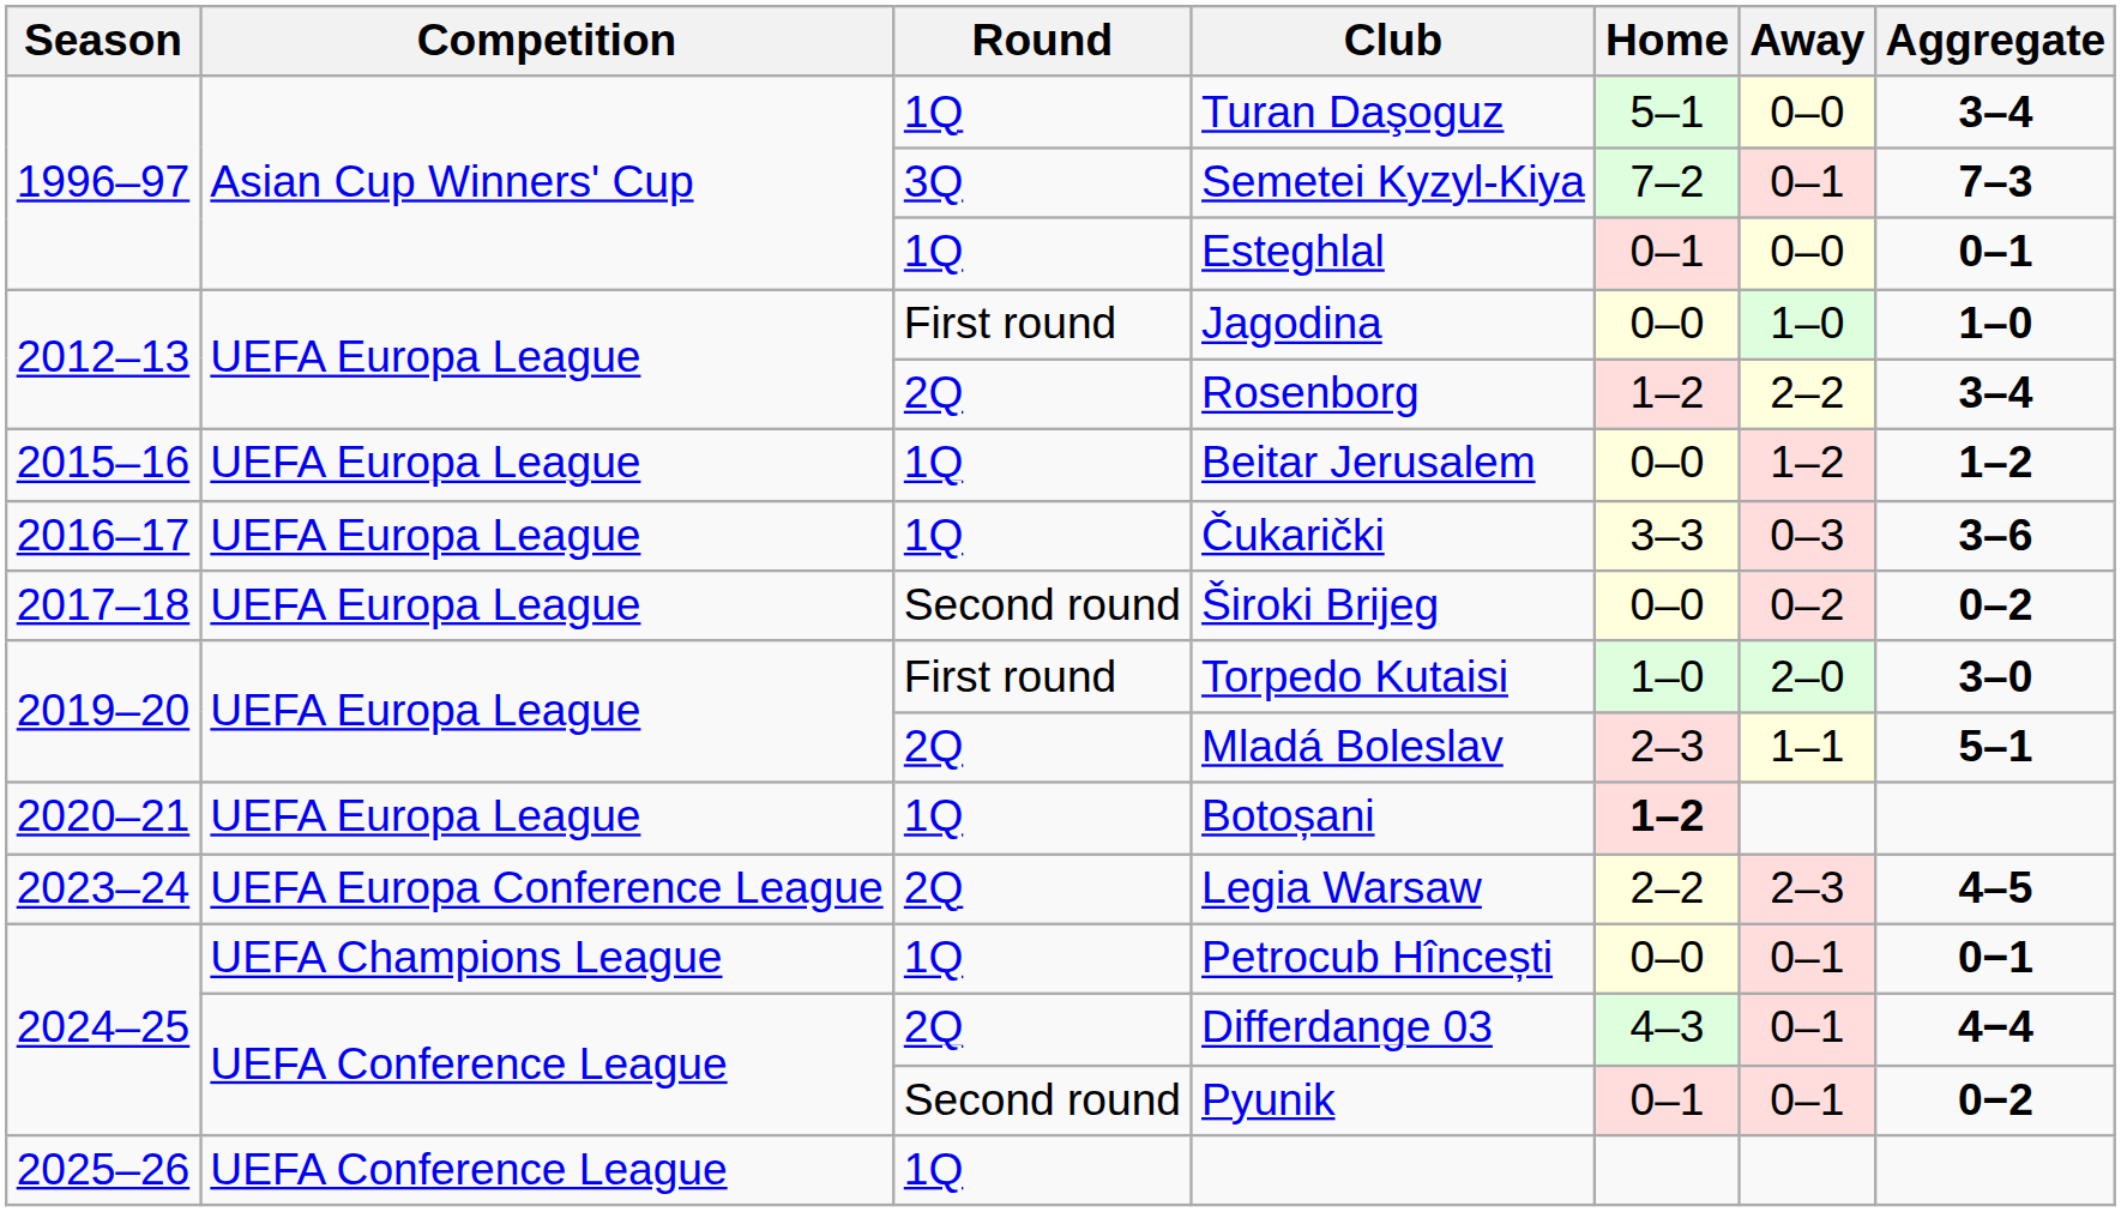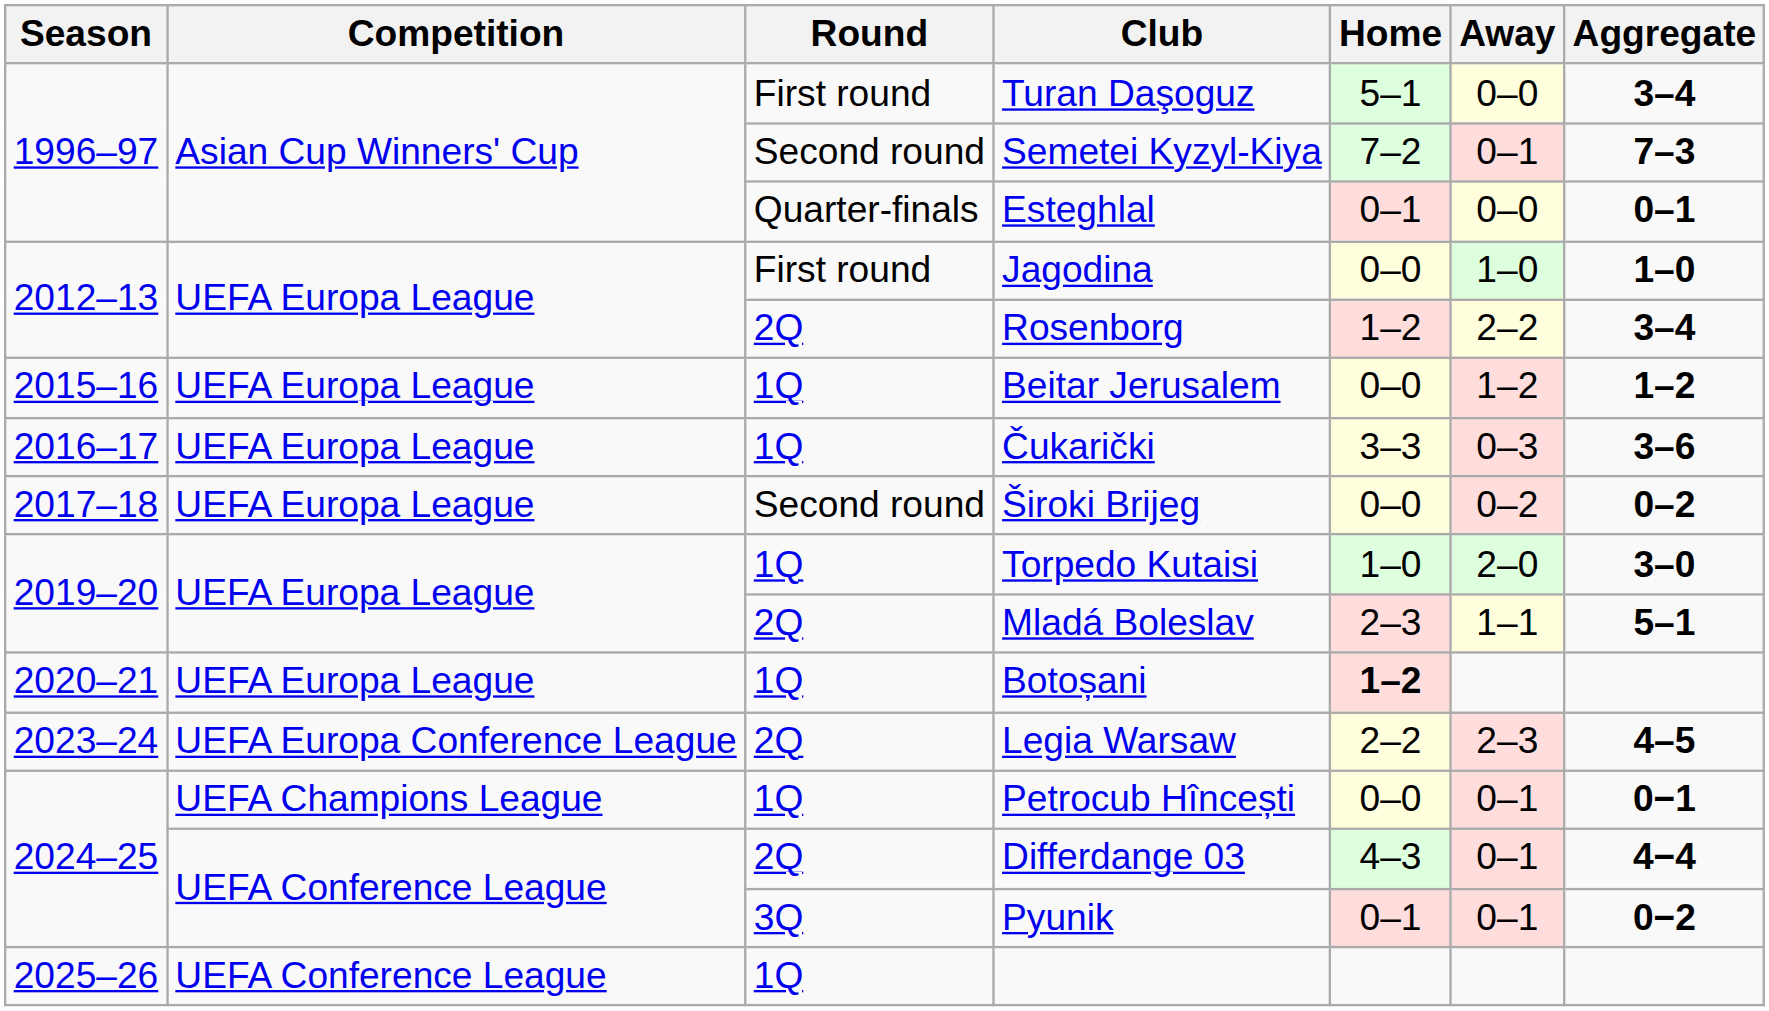 <table class="wikitable mw-collapsible mw-collapsed">
 <tr>
 <th>Season</th>
 <th>Competition</th>
 <th>Round</th>
 <th>Club</th>
 <th>Home</th>
 <th>Away</th>
 <th>Aggregate</th>
 </tr>
 <tr>
 <td rowspan="3"><a href='#'>1996–97</a></td>
 <td rowspan="3"><a href='#'>Asian Cup Winners' Cup</a></td>
-<td><a href='#'>1Q</a></td>
+<td>First round</td>
 <td>  <a href='#'>Turan Daşoguz</a></td>
 <td style="text-align:center; background:#dfd;">5–1</td>
 <td style="text-align:center; background:#ffd;">0–0</td>
 <td style="text-align:center;"><strong>3–4</strong></td>
 </tr>
 <tr>
-<td><a href='#'>3Q</a></td>
+<td>Second round</td>
 <td> <a href='#'>Semetei Kyzyl-Kiya</a></td>
 <td style="text-align:center; background:#dfd;">7–2</td>
 <td style="text-align:center; background:#fdd;">0–1</td>
 <td style="text-align:center;"><strong>7–3</strong></td>
 </tr>
 <tr>
-<td><a href='#'>1Q</a></td>
+<td>Quarter-finals</td>
 <td> <a href='#'>Esteghlal</a></td>
 <td style="text-align:center; background:#fdd;">0–1</td>
 <td style="text-align:center; background:#ffd;">0–0</td>
 <td style="text-align:center;"><strong>0–1</strong></td>
 </tr>
 <tr>
 <td rowspan="2"><a href='#'>2012–13</a></td>
 <td rowspan="2"><a href='#'>UEFA Europa League</a></td>
 <td>First round</td>
 <td>  <a href='#'>Jagodina</a></td>
 <td style="text-align:center; background:#ffd;">0–0</td>
 <td style="text-align:center; background:#dfd;">1–0</td>
 <td style="text-align:center;"><strong>1–0</strong></td>
 </tr>
 <tr>
 <td><a href='#'>2Q</a></td>
 <td> <a href='#'>Rosenborg</a></td>
 <td style="text-align:center; background:#fdd;">1–2</td>
 <td style="text-align:center; background:#ffd;">2–2</td>
 <td style="text-align:center;"><strong>3–4</strong></td>
 </tr>
 <tr>
 <td><a href='#'>2015–16</a></td>
 <td><a href='#'>UEFA Europa League</a></td>
 <td><a href='#'>1Q</a></td>
 <td> <a href='#'>Beitar Jerusalem</a></td>
 <td style="text-align:center; background:#ffd;">0–0</td>
 <td style="text-align:center; background:#fdd;">1–2</td>
 <td style="text-align:center;"><strong>1–2</strong></td>
 </tr>
 <tr>
 <td><a href='#'>2016–17</a></td>
 <td><a href='#'>UEFA Europa League</a></td>
 <td><a href='#'>1Q</a></td>
 <td> <a href='#'>Čukarički</a></td>
 <td style="text-align:center; background:#ffd;">3–3</td>
 <td style="text-align:center; background:#fdd;">0–3</td>
 <td style="text-align:center;"><strong>3–6</strong></td>
 </tr>
 <tr>
 <td><a href='#'>2017–18</a></td>
 <td><a href='#'>UEFA Europa League</a></td>
 <td>Second round</td>
 <td> <a href='#'>Široki Brijeg</a></td>
 <td style="text-align:center; background:#ffd;">0–0</td>
 <td style="text-align:center; background:#fdd;">0–2</td>
 <td style="text-align:center;"><strong>0–2</strong></td>
 </tr>
 <tr>
 <td rowspan="2"><a href='#'>2019–20</a></td>
 <td rowspan="2"><a href='#'>UEFA Europa League</a></td>
-<td>First round</td>
+<td><a href='#'>1Q</a></td>
 <td> <a href='#'>Torpedo Kutaisi</a></td>
 <td style="text-align:center; background:#dfd;">1–0</td>
 <td style="text-align:center; background:#dfd;">2–0</td>
 <td style="text-align:center;"><strong>3–0</strong></td>
 </tr>
 <tr>
 <td><a href='#'>2Q</a></td>
 <td> <a href='#'>Mladá Boleslav</a></td>
 <td style="text-align:center; background:#fdd;">2–3</td>
 <td style="text-align:center; background:#ffd;">1–1</td>
 <td style="text-align:center;"><strong>5–1</strong></td>
 </tr>
 <tr>
 <td><a href='#'>2020–21</a></td>
 <td><a href='#'>UEFA Europa League</a></td>
 <td><a href='#'>1Q</a></td>
 <td> <a href='#'>Botoșani</a></td>
 <td style="text-align:center; background:#fdd;"><strong>1–2</strong></td>
 <td></td>
 <td></td>
 </tr>
 <tr>
 <td><a href='#'>2023–24</a></td>
 <td><a href='#'>UEFA Europa Conference League</a></td>
 <td><a href='#'>2Q</a></td>
 <td> <a href='#'>Legia Warsaw</a></td>
 <td style="text-align:center; background:#ffd;">2–2</td>
 <td style="text-align:center; background:#fdd;">2–3</td>
 <td style="text-align:center;"><strong>4–5</strong></td>
 </tr>
 <tr>
 <td rowspan="3"><a href='#'>2024–25</a></td>
 <td><a href='#'>UEFA Champions League</a></td>
 <td><a href='#'>1Q</a></td>
 <td> <a href='#'>Petrocub Hîncești</a></td>
 <td style="text-align:center; background:#ffd;">0–0</td>
 <td style="text-align:center; background:#fdd;">0–1</td>
 <td style="text-align:center;"><strong>0−1</strong></td>
 </tr>
 <tr>
 <td rowspan="2"><a href='#'>UEFA Conference League</a></td>
 <td><a href='#'>2Q</a></td>
 <td> <a href='#'>Differdange 03</a></td>
 <td style="text-align:center; background:#dfd;">4–3 </td>
 <td style="text-align:center; background:#fdd;">0–1</td>
 <td style="text-align:center;"><strong>4−4</strong> </td>
 </tr>
 <tr>
-<td>Second round</td>
+<td><a href='#'>3Q</a></td>
 <td> <a href='#'>Pyunik</a></td>
 <td style="text-align:center; background:#fdd;">0–1</td>
 <td style="text-align:center; background:#fdd;">0–1</td>
 <td style="text-align:center;"><strong>0−2</strong></td>
 </tr>
 <tr>
 <td><a href='#'>2025–26</a></td>
 <td><a href='#'>UEFA Conference League</a></td>
 <td><a href='#'>1Q</a></td>
 <td></td>
 <td style="text-align:center;"></td>
 <td style="text-align:center;"></td>
 <td style="text-align:center;"></td>
 </tr>
 </table>
